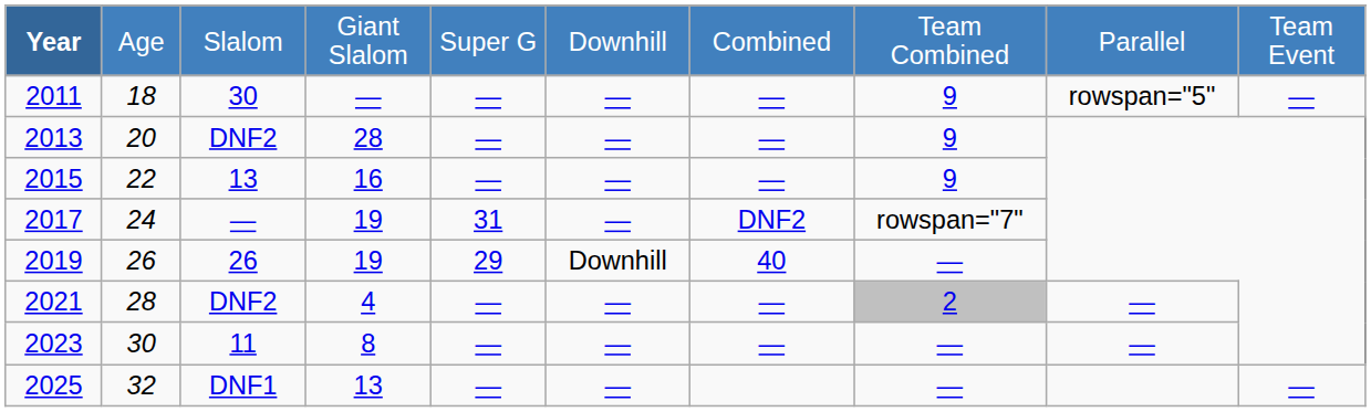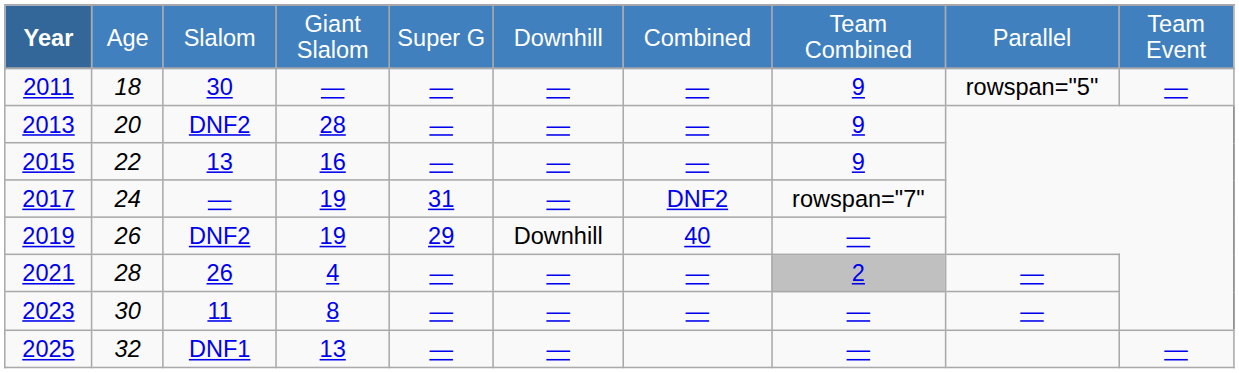 <table class="wikitable" style="font-size:95%; text-align:center; border:grey solid 1px; border-collapse:collapse;" width="40%">
 <tr style="background-color:#369; color:white;">
 <td rowspan="2" colspan="1" width="4%"><strong>Year</strong></td>
 </tr>
 <tr style="background-color:#4180be; color:white;">
 <td width="3%">Age</td>
 <td width="5%">Slalom</td>
 <td width="5%">Giant<br>Slalom</td>
 <td width="5%">Super G</td>
 <td width="5%">Downhill</td>
 <td width="5%">Combined</td>
 <td width="5%">Team<br>Combined</td>
 <td width="5%">Parallel</td>
 <td width="5%">Team<br> Event </td>
 </tr>
 <tr style="background-color:#8CB2D8; color:white;">
 </tr>
 <tr>
 <td><a href='#'>2011</a></td>
 <td><em>18</em></td>
 <td><a href='#'>30</a></td>
 <td><a href='#'>—</a></td>
 <td><a href='#'>—</a></td>
 <td><a href='#'>—</a></td>
 <td><a href='#'>—</a></td>
 <td><a href='#'>9</a></td>
 <td>rowspan="5" </td>
 <td><a href='#'>—</a></td>
 </tr>
 <tr>
 <td><a href='#'>2013</a></td>
 <td><em>20</em></td>
 <td><a href='#'>DNF2</a></td>
 <td><a href='#'>28</a></td>
 <td><a href='#'>—</a></td>
 <td><a href='#'>—</a></td>
 <td><a href='#'>—</a></td>
 <td><a href='#'>9</a></td>
 </tr>
 <tr>
 <td><a href='#'>2015</a></td>
 <td><em>22</em></td>
 <td><a href='#'>13</a></td>
 <td><a href='#'>16</a></td>
 <td><a href='#'>—</a></td>
 <td><a href='#'>—</a></td>
 <td><a href='#'>—</a></td>
 <td><a href='#'>9</a></td>
 </tr>
 <tr>
 <td><a href='#'>2017</a></td>
 <td><em>24</em></td>
 <td><a href='#'>—</a></td>
 <td><a href='#'>19</a></td>
 <td><a href='#'>31</a></td>
 <td><a href='#'>—</a></td>
 <td><a href='#'>DNF2</a></td>
 <td>rowspan="7" </td>
 </tr>
 <tr>
 <td><a href='#'>2019</a></td>
 <td><em>26</em></td>
-<td><a href='#'>26</a></td>
+<td><a href='#'>DNF2</a></td>
 <td><a href='#'>19</a></td>
 <td><a href='#'>29</a></td>
 <td width="5%">Downhill</td>
 <td><a href='#'>40</a></td>
 <td><a href='#'>—</a></td>
 </tr>
 <tr>
 <td><a href='#'>2021</a></td>
 <td><em>28</em></td>
-<td><a href='#'>DNF2</a></td>
+<td><a href='#'>26</a></td>
 <td><a href='#'>4</a></td>
 <td><a href='#'>—</a></td>
 <td><a href='#'>—</a></td>
 <td><a href='#'>—</a></td>
 <td style="background:silver;"><a href='#'>2</a></td>
 <td><a href='#'>—</a></td>
 </tr>
 <tr>
 <td><a href='#'>2023</a></td>
 <td><em>30</em></td>
 <td><a href='#'>11</a></td>
 <td><a href='#'>8</a></td>
 <td><a href='#'>—</a></td>
 <td><a href='#'>—</a></td>
 <td><a href='#'>—</a></td>
 <td><a href='#'>—</a></td>
 <td><a href='#'>—</a></td>
 </tr>
 <tr>
 <td><a href='#'>2025</a></td>
 <td><em>32</em></td>
 <td><a href='#'>DNF1</a></td>
 <td><a href='#'>13</a></td>
 <td><a href='#'>—</a></td>
 <td><a href='#'>—</a></td>
 <td></td>
 <td><a href='#'>—</a></td>
 <td></td>
 <td><a href='#'>—</a></td>
 </tr>
 </table>
